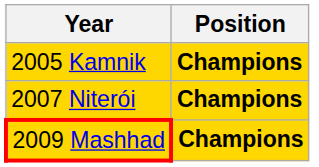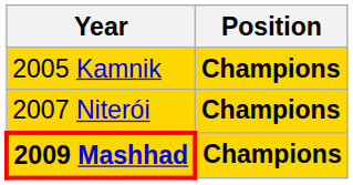 <table class="wikitable sortable" style="font-size:110%">
 <tr>
 <th>Year</th>
 <th>Position</th>
 </tr>
 <tr style="vertical-align:top; background:gold;">
 <td> 2005 <a href='#'>Kamnik</a></td>
 <td><strong>Champions</strong></td>
 </tr>
 <tr style="vertical-align:top; background:gold;">
 <td> 2007 <a href='#'>Niterói</a></td>
 <td><strong>Champions</strong></td>
 </tr>
 <tr style="vertical-align:top; background:gold;">
-<td style="border: 3px solid red"> 2009 <a href='#'>Mashhad</a></td>
+<td style="border: 3px solid red"><strong> 2009 <a href='#'>Mashhad</a></strong></td>
 <td><strong>Champions</strong></td>
 </tr>
 </table>
